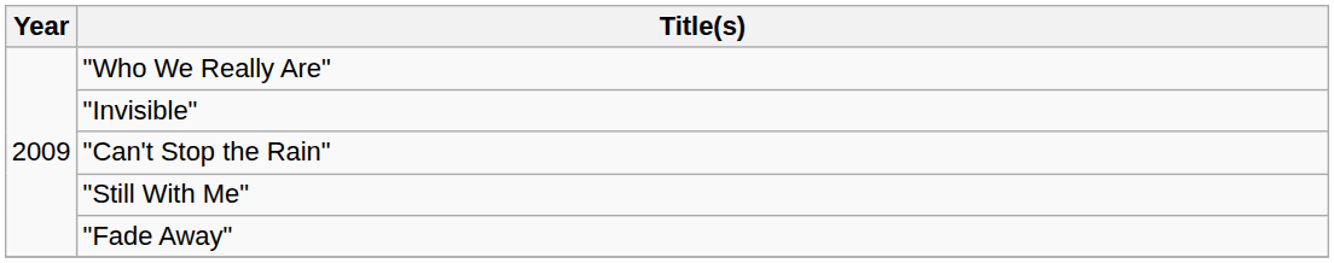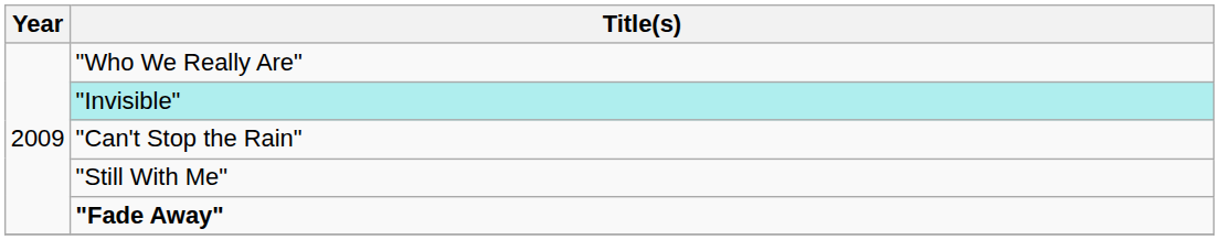 <table class="wikitable" style="width:800px;">
 <tr>
 <th style="width:30px;">Year</th>
 <th>Title(s)</th>
 </tr>
 <tr>
 <td rowspan="5">2009</td>
 <td>"Who We Really Are"</td>
 </tr>
 <tr>
-<td>"Invisible"</td>
+<td style="background: paleturquoise;">"Invisible"</td>
 </tr>
 <tr>
 <td>"Can't Stop the Rain"</td>
 </tr>
 <tr>
 <td>"Still With Me"</td>
 </tr>
 <tr>
-<td>"Fade Away"</td>
+<td><strong>"Fade Away"</strong></td>
 </tr>
 <tr>
 </tr>
 </table>
